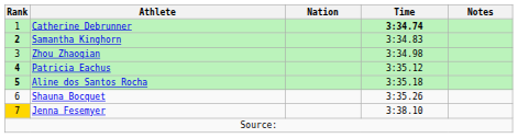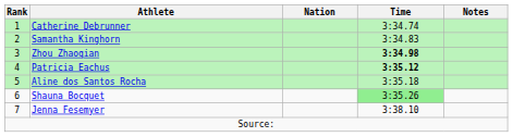 <table class="wikitable sortable" style="text-align:center;width: 60%;">
 <tr>
 <th scope="col" style="width: 10px;">Rank</th>
 <th scope="col">Athlete</th>
 <th scope="col">Nation</th>
 <th scope="col">Time</th>
 <th scope="col">Notes</th>
 </tr>
 <tr bgcolor=bbf3bb>
 <td>1</td>
 <td align=left><a href='#'>Catherine Debrunner</a></td>
 <td align=left></td>
-<td><strong>3:34.74</strong></td>
+<td>3:34.74</td>
 <td></td>
 </tr>
 <tr bgcolor=bbf3bb>
-<td><strong>2</strong></td>
+<td>2</td>
 <td align=left><a href='#'>Samantha Kinghorn</a></td>
 <td align=left></td>
 <td>3:34.83</td>
 <td></td>
 </tr>
 <tr bgcolor=bbf3bb>
 <td>3</td>
 <td align=left><a href='#'>Zhou Zhaoqian</a></td>
 <td align=left></td>
-<td>3:34.98</td>
+<td><strong>3:34.98</strong></td>
 <td></td>
 </tr>
 <tr bgcolor=bbf3bb>
-<td><strong>4</strong></td>
+<td>4</td>
 <td align=left><a href='#'>Patricia Eachus</a></td>
 <td align=left></td>
-<td>3:35.12</td>
+<td><strong>3:35.12</strong></td>
 <td></td>
 </tr>
 <tr bgcolor=bbf3bb>
-<td><strong>5</strong></td>
+<td>5</td>
 <td align=left><a href='#'>Aline dos Santos Rocha</a></td>
 <td align=left></td>
 <td>3:35.18</td>
 <td></td>
 </tr>
 <tr>
 <td>6</td>
 <td align=left><a href='#'>Shauna Bocquet</a></td>
 <td align=left></td>
-<td>3:35.26</td>
+<td style="background: lightgreen;">3:35.26</td>
 <td></td>
 </tr>
 <tr>
-<td style="background: gold;">7</td>
+<td>7</td>
 <td align=left><a href='#'>Jenna Fesemyer</a></td>
 <td align=left></td>
 <td>3:38.10</td>
 <td></td>
 </tr>
 <tr class="sortbottom">
 <td colspan="5">Source:</td>
 </tr>
 </table>
